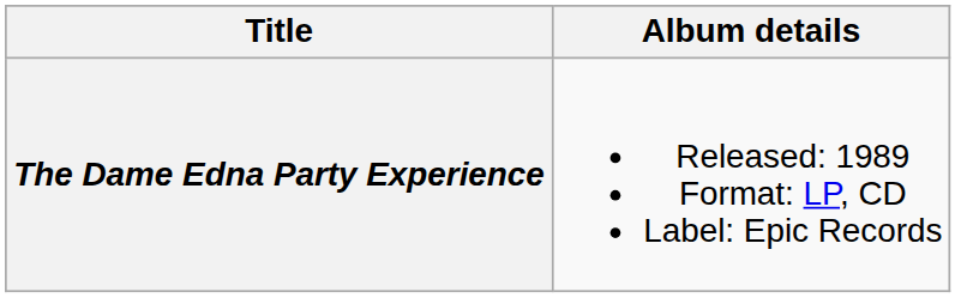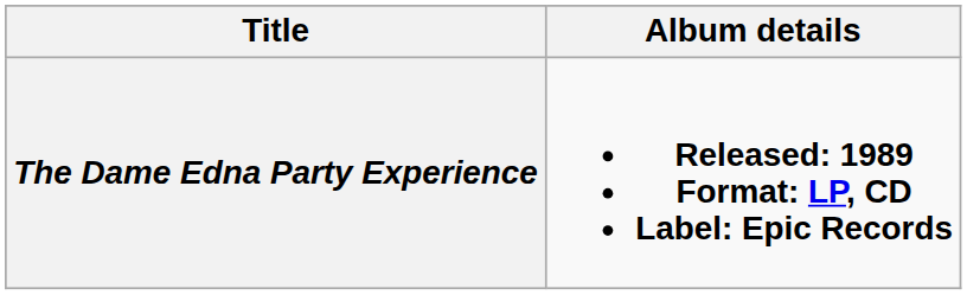 <table class="wikitable plainrowheaders" style="text-align:center;" border="1">
 <tr>
 <th>Title</th>
 <th>Album details</th>
 </tr>
 <tr>
 <th scope="row"><em>The Dame Edna Party Experience</em></th>
-<td><br><ul><li>Released: 1989</li><li>Format: <a href='#'>LP</a>, CD</li><li>Label: Epic Records</li></ul></td>
+<td><strong><br><ul><li>Released: 1989</li><li>Format: <a href='#'>LP</a>, CD</li><li>Label: Epic Records</li></ul></strong></td>
 </tr>
 </table>
